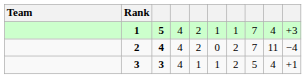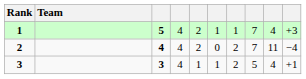 <table class="wikitable" style="text-align: center;">
 <tr>
+<th width=30>Rank</th>
 <th width=165 style="text-align:left;">Team</th>
-<th width=30>Rank</th>
 <th width=20></th>
 <th width=20></th>
 <th width=20></th>
 <th width=20></th>
 <th width=20></th>
 <th width=20></th>
 <th width=20></th>
 <th width=20></th>
 </tr>
 <tr style="background:#ccffcc;">
+<td><strong>1</strong></td>
 <td style="text-align:left;"></td>
-<td><strong>1</strong></td>
 <td><strong>5</strong></td>
 <td>4</td>
 <td>2</td>
 <td>1</td>
 <td>1</td>
 <td>7</td>
 <td>4</td>
 <td>+3</td>
 </tr>
 <tr>
+<td><strong>2</strong></td>
 <td style="text-align:left;"></td>
-<td><strong>2</strong></td>
 <td><strong>4</strong></td>
 <td>4</td>
 <td>2</td>
 <td>0</td>
 <td>2</td>
 <td>7</td>
 <td>11</td>
 <td>−4</td>
 </tr>
 <tr>
+<td><strong>3</strong></td>
 <td style="text-align:left;"></td>
-<td><strong>3</strong></td>
 <td><strong>3</strong></td>
 <td>4</td>
 <td>1</td>
 <td>1</td>
 <td>2</td>
 <td>5</td>
 <td>4</td>
 <td>+1</td>
 </tr>
 </table>
